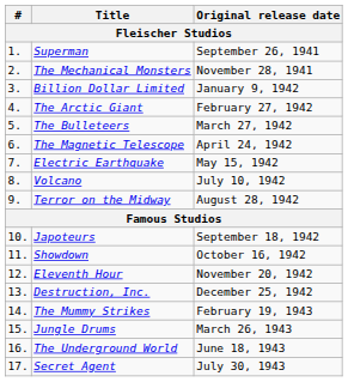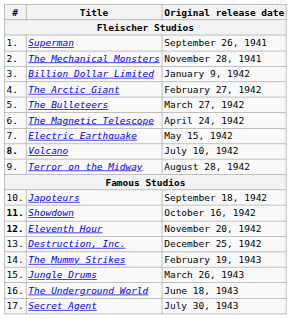 <table class="wikitable">
 <tr>
 <th>#</th>
 <th>Title</th>
 <th>Original release date</th>
 </tr>
 <tr>
 <th colspan="3">Fleischer Studios</th>
 </tr>
 <tr>
 <td>1.</td>
 <td><em><a href='#'>Superman</a></em></td>
 <td>September 26, 1941</td>
 </tr>
 <tr>
 <td>2.</td>
 <td><em><a href='#'>The Mechanical Monsters</a></em></td>
 <td>November 28, 1941</td>
 </tr>
 <tr>
 <td>3.</td>
 <td><em><a href='#'>Billion Dollar Limited</a></em></td>
 <td>January 9, 1942</td>
 </tr>
 <tr>
 <td>4.</td>
 <td><em><a href='#'>The Arctic Giant</a></em></td>
 <td>February 27, 1942</td>
 </tr>
 <tr>
 <td>5.</td>
 <td><em><a href='#'>The Bulleteers</a></em></td>
 <td>March 27, 1942</td>
 </tr>
 <tr>
 <td>6.</td>
 <td><em><a href='#'>The Magnetic Telescope</a></em></td>
 <td>April 24, 1942</td>
 </tr>
 <tr>
 <td>7.</td>
 <td><em><a href='#'>Electric Earthquake</a></em></td>
 <td>May 15, 1942</td>
 </tr>
 <tr>
-<td>8.</td>
+<td><strong>8.</strong></td>
 <td><em><a href='#'>Volcano</a></em></td>
 <td>July 10, 1942</td>
 </tr>
 <tr>
 <td>9.</td>
 <td><em><a href='#'>Terror on the Midway</a></em></td>
 <td>August 28, 1942</td>
 </tr>
 <tr>
 <th colspan="3">Famous Studios</th>
 </tr>
 <tr>
 <td>10.</td>
 <td><em><a href='#'>Japoteurs</a></em></td>
 <td>September 18, 1942</td>
 </tr>
 <tr>
-<td>11.</td>
+<td><strong>11.</strong></td>
 <td><em><a href='#'>Showdown</a></em></td>
 <td>October 16, 1942</td>
 </tr>
 <tr>
-<td>12.</td>
+<td><strong>12.</strong></td>
 <td><em><a href='#'>Eleventh Hour</a></em></td>
 <td>November 20, 1942</td>
 </tr>
 <tr>
 <td>13.</td>
 <td><em><a href='#'>Destruction, Inc.</a></em></td>
 <td>December 25, 1942</td>
 </tr>
 <tr>
 <td>14.</td>
 <td><em><a href='#'>The Mummy Strikes</a></em></td>
 <td>February 19, 1943</td>
 </tr>
 <tr>
 <td>15.</td>
 <td><em><a href='#'>Jungle Drums</a></em></td>
 <td>March 26, 1943</td>
 </tr>
 <tr>
 <td>16.</td>
 <td><em><a href='#'>The Underground World</a></em></td>
 <td>June 18, 1943</td>
 </tr>
 <tr>
 <td>17.</td>
 <td><em><a href='#'>Secret Agent</a></em></td>
 <td>July 30, 1943</td>
 </tr>
 </table>
